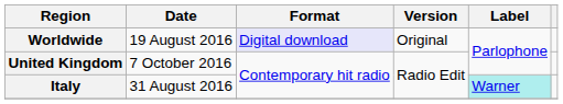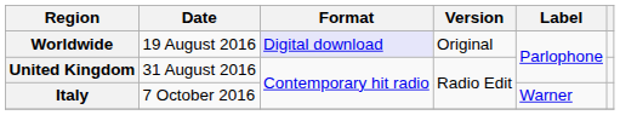 <table class="wikitable plainrowheaders">
 <tr>
 <th scope="col">Region</th>
 <th scope="col">Date</th>
 <th scope="col">Format</th>
 <th scope="col">Version</th>
 <th scope="col">Label</th>
 <th scope="col"></th>
 </tr>
 <tr>
 <th scope="row">Worldwide</th>
 <td>19 August 2016</td>
 <td style="background: lavender;"><a href='#'>Digital download</a></td>
 <td>Original</td>
 <td rowspan="2"><a href='#'>Parlophone</a></td>
 <td></td>
 </tr>
 <tr>
 <th scope="row">United Kingdom</th>
-<td>7 October 2016</td>
+<td>31 August 2016</td>
 <td rowspan="2"><a href='#'>Contemporary hit radio</a></td>
 <td rowspan="2">Radio Edit</td>
 <td></td>
 </tr>
 <tr>
 <th scope="row">Italy</th>
-<td>31 August 2016</td>
-<td style="background: paleturquoise;"><a href='#'>Warner</a></td>
+<td>7 October 2016</td>
+<td><a href='#'>Warner</a></td>
 <td></td>
 </tr>
 <tr>
 </tr>
 </table>
